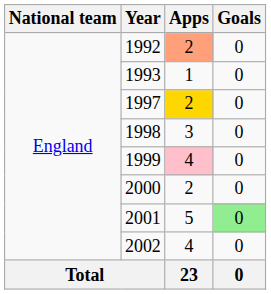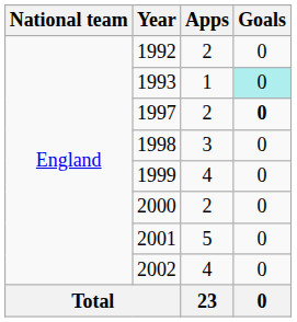 <table class="wikitable" style="text-align:center">
 <tr>
 <th>National team</th>
 <th>Year</th>
 <th>Apps</th>
 <th>Goals</th>
 </tr>
 <tr>
 <td rowspan="8"><a href='#'>England</a></td>
 <td>1992</td>
-<td style="background: lightsalmon;">2</td>
+<td>2</td>
 <td>0</td>
 </tr>
 <tr>
 <td>1993</td>
 <td>1</td>
-<td>0</td>
+<td style="background: paleturquoise;">0</td>
 </tr>
 <tr>
 <td>1997</td>
-<td style="background: gold;">2</td>
-<td>0</td>
+<td>2</td>
+<td><strong>0</strong></td>
 </tr>
 <tr>
 <td>1998</td>
 <td>3</td>
 <td>0</td>
 </tr>
 <tr>
 <td>1999</td>
-<td style="background: pink;">4</td>
+<td>4</td>
 <td>0</td>
 </tr>
 <tr>
 <td>2000</td>
 <td>2</td>
 <td>0</td>
 </tr>
 <tr>
 <td>2001</td>
 <td>5</td>
-<td style="background: lightgreen;">0</td>
+<td>0</td>
 </tr>
 <tr>
 <td>2002</td>
 <td>4</td>
 <td>0</td>
 </tr>
 <tr>
 <th colspan="2">Total</th>
 <th>23</th>
 <th>0</th>
 </tr>
 </table>
